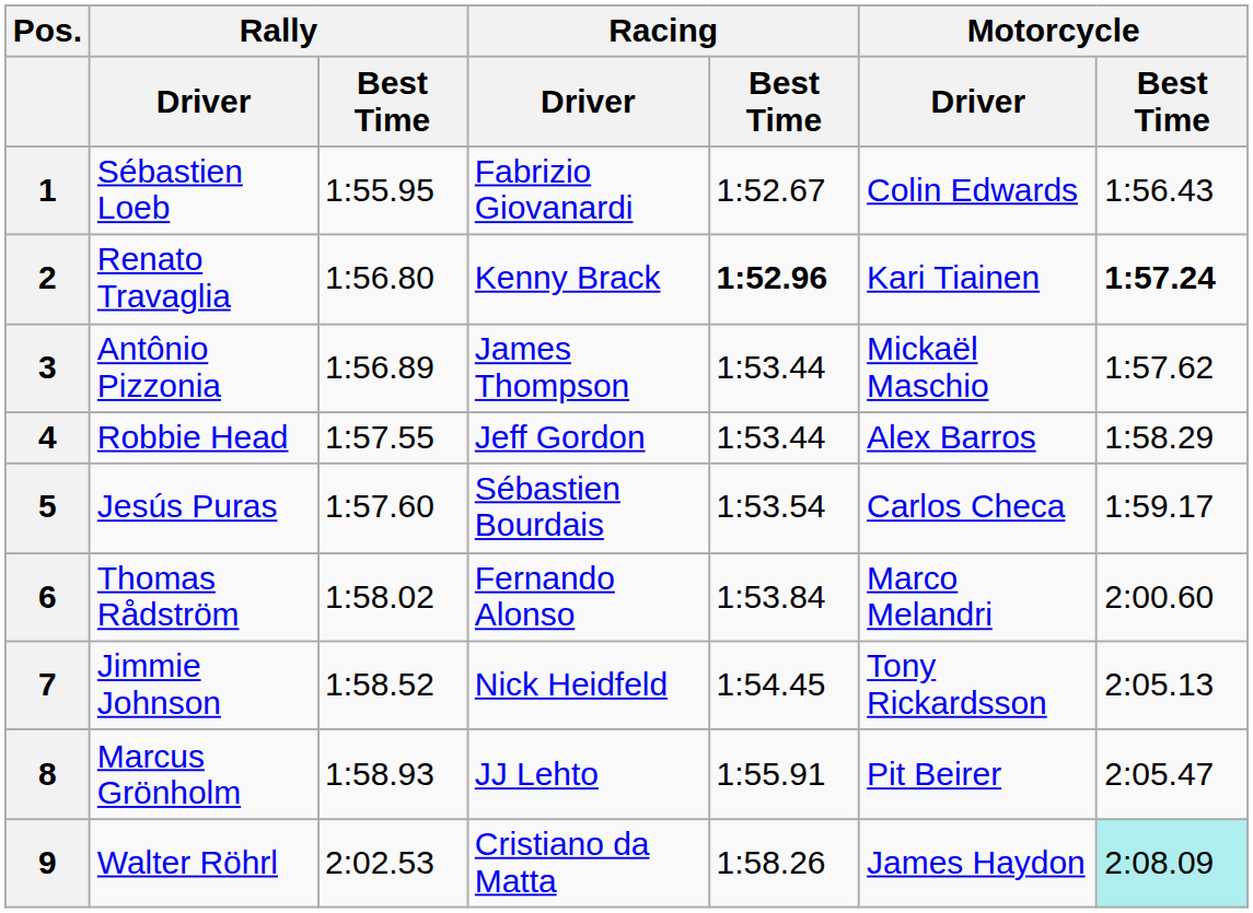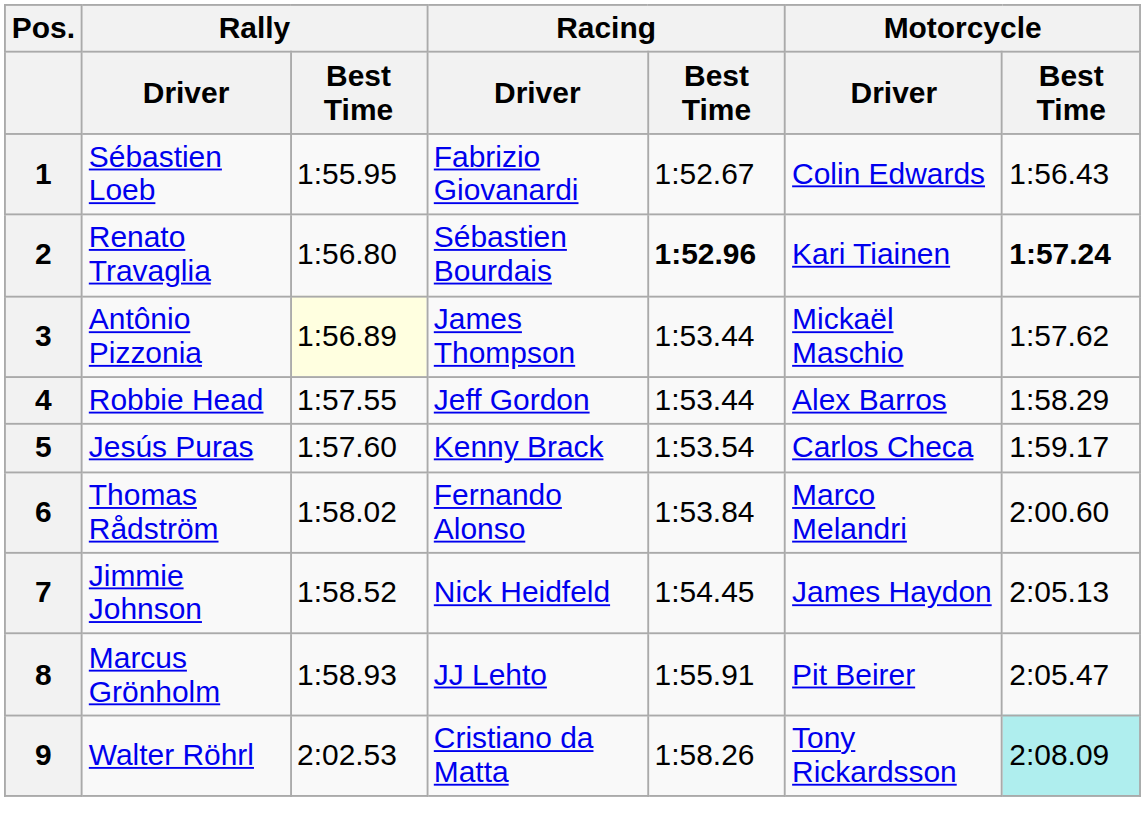 <table class="wikitable">
 <tr>
 <th>Pos.</th>
 <th colspan=2>Rally</th>
 <th colspan=2>Racing</th>
 <th colspan=2>Motorcycle</th>
 </tr>
 <tr>
 <th></th>
 <th>Driver</th>
 <th>Best Time</th>
 <th>Driver</th>
 <th>Best Time</th>
 <th>Driver</th>
 <th>Best Time</th>
 </tr>
 <tr>
 <th>1</th>
 <td> <a href='#'>Sébastien Loeb</a></td>
 <td>1:55.95</td>
 <td> <a href='#'>Fabrizio Giovanardi</a></td>
 <td>1:52.67</td>
 <td> <a href='#'>Colin Edwards</a></td>
 <td>1:56.43</td>
 </tr>
 <tr>
 <th>2</th>
 <td> <a href='#'>Renato Travaglia</a></td>
 <td>1:56.80</td>
-<td> <a href='#'>Kenny Brack</a></td>
+<td> <a href='#'>Sébastien Bourdais</a></td>
 <td><strong>1:52.96</strong></td>
 <td> <a href='#'>Kari Tiainen</a></td>
 <td><strong>1:57.24</strong></td>
 </tr>
 <tr>
 <th>3</th>
 <td> <a href='#'>Antônio Pizzonia</a></td>
-<td>1:56.89</td>
+<td style="background: lightyellow;">1:56.89</td>
 <td> <a href='#'>James Thompson</a></td>
 <td>1:53.44</td>
 <td> <a href='#'>Mickaël Maschio</a></td>
 <td>1:57.62</td>
 </tr>
 <tr>
 <th>4</th>
 <td> <a href='#'>Robbie Head</a></td>
 <td>1:57.55</td>
 <td> <a href='#'>Jeff Gordon</a></td>
 <td>1:53.44</td>
 <td> <a href='#'>Alex Barros</a></td>
 <td>1:58.29</td>
 </tr>
 <tr>
 <th>5</th>
 <td> <a href='#'>Jesús Puras</a></td>
 <td>1:57.60</td>
-<td> <a href='#'>Sébastien Bourdais</a></td>
+<td> <a href='#'>Kenny Brack</a></td>
 <td>1:53.54</td>
 <td> <a href='#'>Carlos Checa</a></td>
 <td>1:59.17</td>
 </tr>
 <tr>
 <th>6</th>
 <td> <a href='#'>Thomas Rådström</a></td>
 <td>1:58.02</td>
 <td> <a href='#'>Fernando Alonso</a></td>
 <td>1:53.84</td>
 <td> <a href='#'>Marco Melandri</a></td>
 <td>2:00.60</td>
 </tr>
 <tr>
 <th>7</th>
 <td> <a href='#'>Jimmie Johnson</a></td>
 <td>1:58.52</td>
 <td> <a href='#'>Nick Heidfeld</a></td>
 <td>1:54.45</td>
-<td> <a href='#'>Tony Rickardsson</a></td>
+<td> <a href='#'>James Haydon</a></td>
 <td>2:05.13</td>
 </tr>
 <tr>
 <th>8</th>
 <td> <a href='#'>Marcus Grönholm</a></td>
 <td>1:58.93</td>
 <td> <a href='#'>JJ Lehto</a></td>
 <td>1:55.91</td>
 <td> <a href='#'>Pit Beirer</a></td>
 <td>2:05.47</td>
 </tr>
 <tr>
 <th>9</th>
 <td> <a href='#'>Walter Röhrl</a></td>
 <td>2:02.53</td>
 <td> <a href='#'>Cristiano da Matta</a></td>
 <td>1:58.26</td>
-<td> <a href='#'>James Haydon</a></td>
+<td> <a href='#'>Tony Rickardsson</a></td>
 <td style="background: paleturquoise;">2:08.09</td>
 </tr>
 </table>
